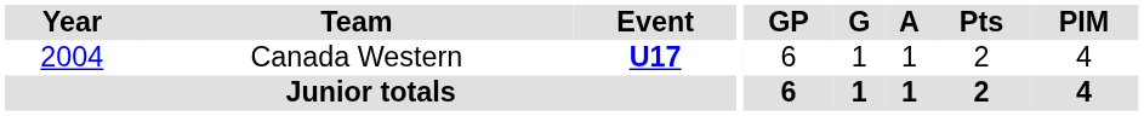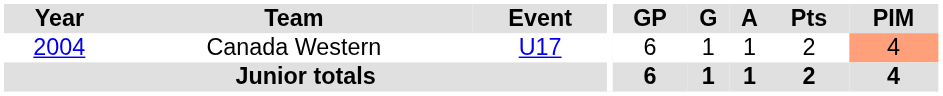 <table border="0" cellpadding="1" cellspacing="0" ID="Table3" style="text-align:center; width:40em">
 <tr ALIGN="center" bgcolor="#e0e0e0">
 <th>Year</th>
 <th>Team</th>
 <th>Event</th>
 <th rowspan="99" bgcolor="#ffffff"></th>
 <th>GP</th>
 <th>G</th>
 <th>A</th>
 <th>Pts</th>
 <th>PIM</th>
 </tr>
 <tr>
 <td><a href='#'>2004</a></td>
 <td>Canada Western</td>
-<td><strong><a href='#'>U17</a></strong></td>
+<td><a href='#'>U17</a></td>
 <td>6</td>
 <td>1</td>
 <td>1</td>
 <td>2</td>
-<td>4</td>
+<td style="background: lightsalmon;">4</td>
 </tr>
 <tr bgcolor="#e0e0e0">
 <th colspan="3">Junior totals</th>
 <th>6</th>
 <th>1</th>
 <th>1</th>
 <th>2</th>
 <th>4</th>
 </tr>
 </table>
